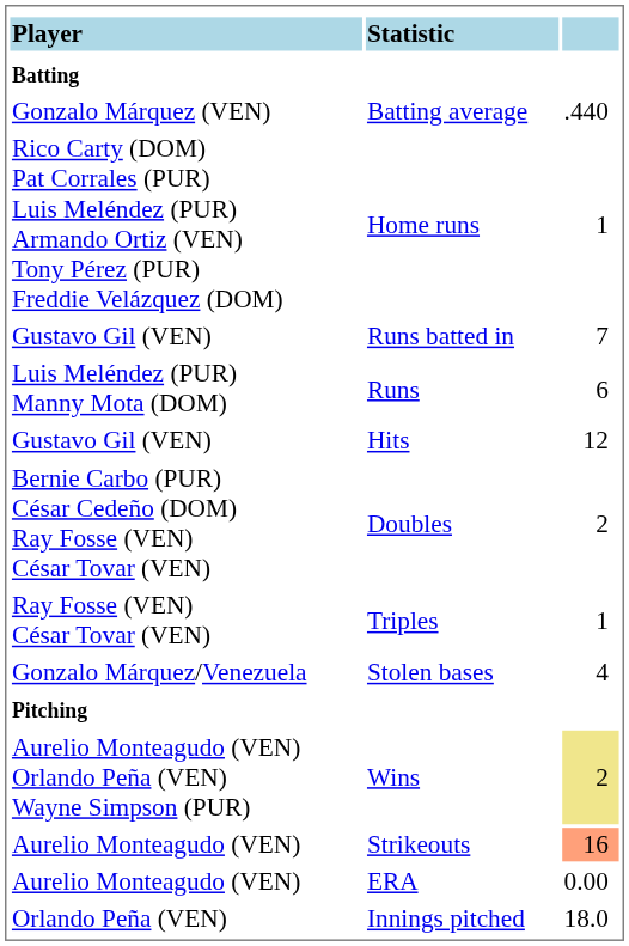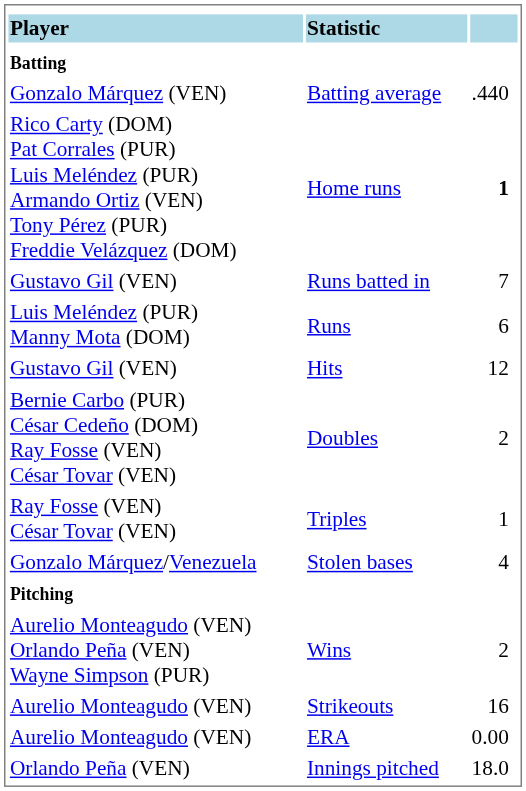 <table cellpadding="1" width="350px" style="font-size: 90%; border: 1px solid gray;">
 <tr align="center" style="font-size: larger;">
 <td colspan=6></td>
 </tr>
 <tr style="background:lightblue;">
 <td><strong>Player</strong></td>
 <td><strong>Statistic</strong></td>
 <td></td>
 </tr>
 <tr align="center" style="vertical-align: middle;" style="background:lightblue;">
 </tr>
 <tr>
 <td><small><strong>Batting</strong></small></td>
 </tr>
 <tr>
 <td><a href='#'>Gonzalo Márquez</a> (VEN)</td>
 <td><a href='#'>Batting average</a></td>
 <td>.440</td>
 </tr>
 <tr>
 <td><a href='#'>Rico Carty</a> (DOM)<br><a href='#'>Pat Corrales</a> (PUR)<br><a href='#'>Luis Meléndez</a> (PUR)<br><a href='#'>Armando Ortiz</a> (VEN)<br><a href='#'>Tony Pérez</a> (PUR)<br><a href='#'>Freddie Velázquez</a> (DOM)</td>
 <td><a href='#'>Home runs</a></td>
-<td>      1</td>
+<td><strong>      1</strong></td>
 </tr>
 <tr>
 <td><a href='#'>Gustavo Gil</a> (VEN)</td>
 <td><a href='#'>Runs batted in</a></td>
 <td>      7</td>
 </tr>
 <tr>
 <td><a href='#'>Luis Meléndez</a> (PUR)<br><a href='#'>Manny Mota</a> (DOM)</td>
 <td><a href='#'>Runs</a></td>
 <td>      6</td>
 </tr>
 <tr>
 <td><a href='#'>Gustavo Gil</a> (VEN)</td>
 <td><a href='#'>Hits</a></td>
 <td>   12</td>
 </tr>
 <tr>
 <td><a href='#'>Bernie Carbo</a> (PUR)<br><a href='#'>César Cedeño</a> (DOM)<br><a href='#'>Ray Fosse</a> (VEN)<br><a href='#'>César Tovar</a> (VEN)</td>
 <td><a href='#'>Doubles</a></td>
 <td>      2</td>
 </tr>
 <tr>
 <td><a href='#'>Ray Fosse</a> (VEN)<br><a href='#'>César Tovar</a> (VEN)</td>
 <td><a href='#'>Triples</a></td>
 <td>      1</td>
 </tr>
 <tr>
 <td><a href='#'>Gonzalo Márquez</a>/<a href='#'>Venezuela</a></td>
 <td><a href='#'>Stolen bases</a></td>
 <td>     4</td>
 </tr>
 <tr>
 <td><small><strong>Pitching</strong></small></td>
 </tr>
 <tr>
 <td><a href='#'>Aurelio Monteagudo</a> (VEN)<br><a href='#'>Orlando Peña</a> (VEN)<br><a href='#'>Wayne Simpson</a> (PUR)</td>
 <td><a href='#'>Wins</a></td>
-<td style="background: khaki;">      2</td>
+<td>      2</td>
 </tr>
 <tr>
 <td><a href='#'>Aurelio Monteagudo</a> (VEN)</td>
 <td><a href='#'>Strikeouts</a></td>
-<td style="background: lightsalmon;">   16</td>
+<td>   16</td>
 </tr>
 <tr>
 <td><a href='#'>Aurelio Monteagudo</a> (VEN)</td>
 <td><a href='#'>ERA</a></td>
 <td>0.00</td>
 </tr>
 <tr>
 <td><a href='#'>Orlando Peña</a> (VEN)</td>
 <td><a href='#'>Innings pitched</a></td>
 <td>18.0</td>
 </tr>
 </table>
